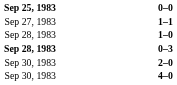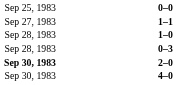 <table width=100% cellspacing=1 style=font-size:90%>
 <tr>
 <th width=120></th>
 <th width=120></th>
 <th width=70></th>
 <th width=120></th>
 <th></th>
 </tr>
 <tr>
-<td align=right><strong>Sep 25, 1983</strong></td>
+<td align=right>Sep 25, 1983</td>
 <td align=right><strong></strong></td>
 <td align=center><strong>0–0</strong></td>
 <td><strong></strong></td>
 </tr>
 <tr>
 <td align=right>Sep 27, 1983</td>
 <td align=right><strong></strong></td>
 <td align=center><strong>1–1</strong></td>
 <td><strong></strong></td>
 </tr>
 <tr>
 <td align=right>Sep 28, 1983</td>
 <td align=right><strong></strong></td>
 <td align=center><strong>1–0</strong></td>
 <td><strong></strong></td>
 </tr>
 <tr>
-<td align=right><strong>Sep 28, 1983</strong></td>
+<td align=right>Sep 28, 1983</td>
 <td align=right><strong></strong></td>
 <td align=center><strong>0–3</strong></td>
 <td><strong></strong></td>
 </tr>
 <tr>
-<td align=right>Sep 30, 1983</td>
+<td align=right><strong>Sep 30, 1983</strong></td>
 <td align=right><strong></strong></td>
 <td align=center><strong>2–0</strong></td>
 <td><strong></strong></td>
 </tr>
 <tr>
 <td align=right>Sep 30, 1983</td>
 <td align=right><strong></strong></td>
 <td align=center><strong>4–0</strong></td>
 <td><strong></strong></td>
 </tr>
 </table>
